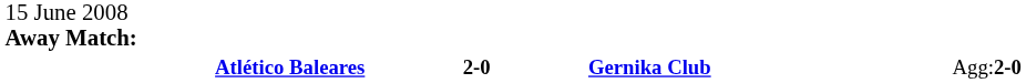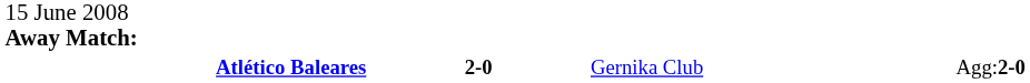 <table width=100% cellspacing=1>
 <tr>
 <th width=20%></th>
 <th width=12%></th>
 <th width=20%></th>
 <th></th>
 </tr>
 <tr>
 <td>15 June 2008<br><strong>Away Match:</strong></td>
 </tr>
 <tr style=font-size:90%>
 <td align=right><strong><a href='#'>Atlético Baleares</a></strong></td>
 <td align=center><strong>2-0</strong></td>
-<td><strong><a href='#'>Gernika Club</a></strong></td>
+<td><a href='#'>Gernika Club</a></td>
 <td>Agg:<strong>2-0</strong></td>
 </tr>
 </table>
